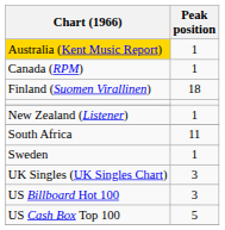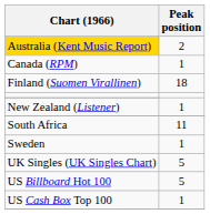 <table class="wikitable sortable">
 <tr>
 <th>Chart (1966)</th>
 <th>Peak<br>position</th>
 </tr>
 <tr>
 <td style="background: gold;">Australia (<a href='#'>Kent Music Report</a>)</td>
-<td style="text-align:center;">1</td>
+<td style="text-align:center;">2</td>
 </tr>
 <tr>
 <td>Canada (<em><a href='#'>RPM</a></em>)</td>
 <td style="text-align:center;">1</td>
 </tr>
 <tr>
 <td>Finland (<a href='#'><em>Suomen Virallinen</em></a>)</td>
 <td style="text-align:center;">18</td>
 </tr>
 <tr>
 <td></td>
 </tr>
 <tr>
 </tr>
 <tr>
 <td>New Zealand (<em><a href='#'>Listener</a></em>)</td>
 <td style="text-align:center;">1</td>
 </tr>
 <tr>
 </tr>
 <tr>
 <td>South Africa</td>
 <td style="text-align:center;">11</td>
 </tr>
 <tr>
 <td>Sweden</td>
 <td style="text-align:center;">1</td>
 </tr>
 <tr>
 <td>UK Singles (<a href='#'>UK Singles Chart</a>)</td>
-<td style="text-align:center;">3</td>
+<td style="text-align:center;">5</td>
 </tr>
 <tr>
 <td>US <a href='#'><em>Billboard</em> Hot 100</a></td>
-<td style="text-align:center;">3</td>
+<td style="text-align:center;">5</td>
 </tr>
 <tr>
 <td>US <a href='#'><em>Cash Box</em></a> Top 100</td>
-<td align="center">5</td>
+<td align="center">1</td>
 </tr>
 <tr>
 </tr>
 </table>
